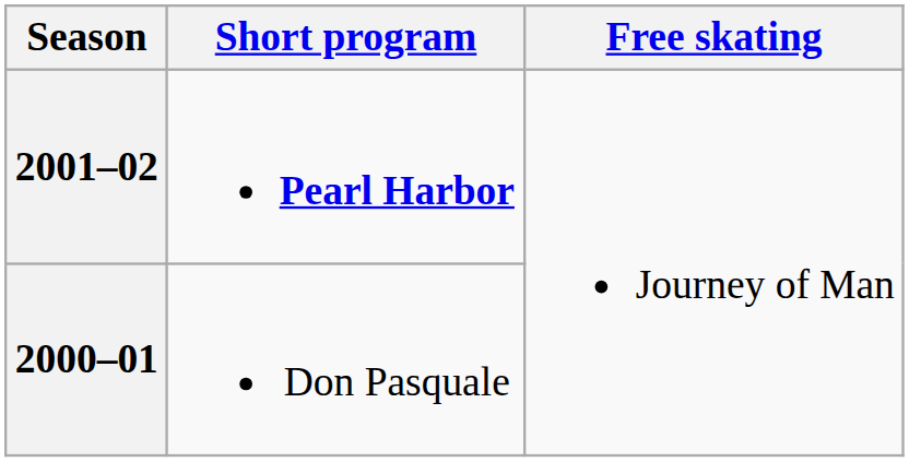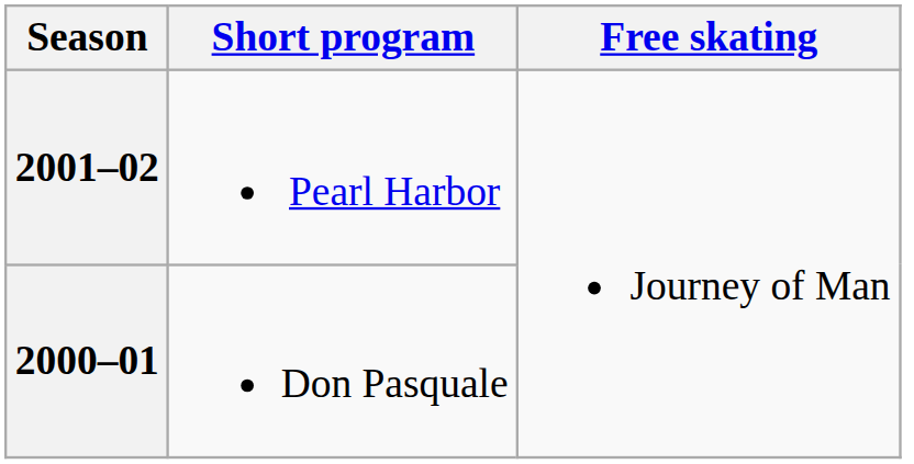 <table class=wikitable style=text-align:center>
 <tr>
 <th>Season</th>
 <th><a href='#'>Short program</a></th>
 <th><a href='#'>Free skating</a></th>
 </tr>
 <tr>
 <th>2001–02 <br> </th>
-<td><strong><br><ul><li><a href='#'>Pearl Harbor</a> <br></li></ul></strong></td>
+<td><br><ul><li><a href='#'>Pearl Harbor</a> <br></li></ul></td>
 <td rowspan=2><br><ul><li>Journey of Man <br></li></ul></td>
 </tr>
 <tr>
 <th>2000–01 <br> </th>
 <td><br><ul><li>Don Pasquale <br></li></ul></td>
 </tr>
 </table>
